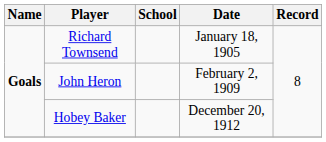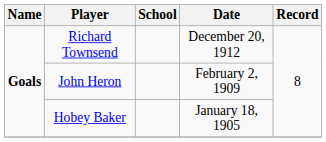 <table class="wikitable" width =60%>
 <tr>
 <th>Name</th>
 <th>Player</th>
 <th>School</th>
 <th>Date</th>
 <th>Record</th>
 </tr>
 <tr align=center>
 <td rowspan=3><strong>Goals</strong></td>
 <td><a href='#'>Richard Townsend</a></td>
 <td><strong><a href='#'></a></strong></td>
-<td>January 18, 1905</td>
+<td>December 20, 1912</td>
 <td rowspan=3>8</td>
 </tr>
 <tr align=center>
 <td><a href='#'>John Heron</a></td>
 <td><strong><a href='#'></a></strong></td>
 <td>February 2, 1909</td>
 </tr>
 <tr align=center>
 <td><a href='#'>Hobey Baker</a></td>
 <td><strong><a href='#'></a></strong></td>
-<td>December 20, 1912</td>
+<td>January 18, 1905</td>
 </tr>
 <tr>
 </tr>
 </table>
